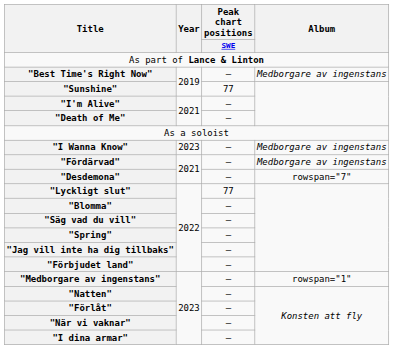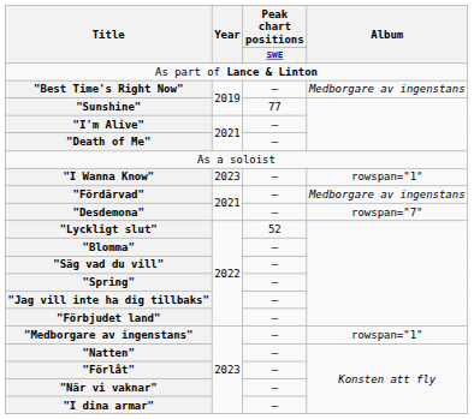 <table class="wikitable plainrowheaders" style="text-align:center;">
 <tr>
 <th scope="col" rowspan="2">Title</th>
 <th scope="col" rowspan="2">Year</th>
 <th scope="col" colspan="1">Peak chart positions</th>
 <th scope="col" rowspan="2">Album</th>
 </tr>
 <tr>
 <th scope="col" style="width:3em;font-size:85%;"><a href='#'>SWE</a><br></th>
 </tr>
 <tr>
 <td colspan=4>As part of <strong>Lance & Linton</strong></td>
 </tr>
 <tr>
 <th scope="row">"Best Time's Right Now"</th>
 <td rowspan="2">2019</td>
 <td>—</td>
 <td><em>Medborgare av ingenstans</em></td>
 </tr>
 <tr>
 <th scope="row">"Sunshine"<br></th>
 <td>77</td>
 </tr>
 <tr>
 <th scope="row">"I'm Alive"</th>
 <td rowspan="2">2021</td>
 <td>—</td>
 </tr>
 <tr>
 <th scope="row">"Death of Me"</th>
 <td>—</td>
 </tr>
 <tr>
 <td colspan=4>As a soloist</td>
 </tr>
 <tr>
 <th scope="row">"I Wanna Know"</th>
 <td>2023</td>
 <td>—</td>
-<td><em>Medborgare av ingenstans</em></td>
+<td>rowspan="1" </td>
 </tr>
 <tr>
 <th scope="row">"Fördärvad"</th>
 <td rowspan="2">2021</td>
 <td>—</td>
 <td><em>Medborgare av ingenstans</em></td>
 </tr>
 <tr>
 <th scope="row">"Desdemona"</th>
 <td>—</td>
 <td>rowspan="7" </td>
 </tr>
 <tr>
 <th scope="row">"Lyckligt slut"</th>
 <td rowspan="6">2022</td>
-<td>77</td>
+<td>52</td>
 </tr>
 <tr>
 <th scope="row">"Blomma"</th>
 <td>—</td>
 </tr>
 <tr>
 <th scope="row">"Säg vad du vill"</th>
 <td>—</td>
 </tr>
 <tr>
 <th scope="row">"Spring"</th>
 <td>—</td>
 </tr>
 <tr>
 <th scope="row">"Jag vill inte ha dig tillbaks"<br></th>
 <td>—</td>
 </tr>
 <tr>
 <th scope="row">"Förbjudet land"<br></th>
 <td>—</td>
 </tr>
 <tr>
 <th scope="row">"Medborgare av ingenstans"</th>
 <td rowspan="5">2023</td>
 <td>—</td>
 <td>rowspan="1" </td>
 </tr>
 <tr>
 <th scope="row">"Natten"</th>
 <td>—</td>
 <td rowspan="4"><em>Konsten att fly</em></td>
 </tr>
 <tr>
 <th scope="row">"Förlåt"</th>
 <td>—</td>
 </tr>
 <tr>
 <th scope="row">"När vi vaknar"</th>
 <td>—</td>
 </tr>
 <tr>
 <th scope="row">"I dina armar"</th>
 <td>—</td>
 </tr>
 </table>
